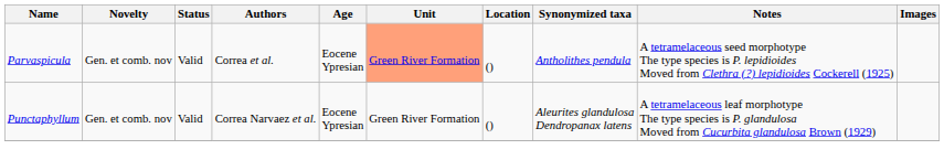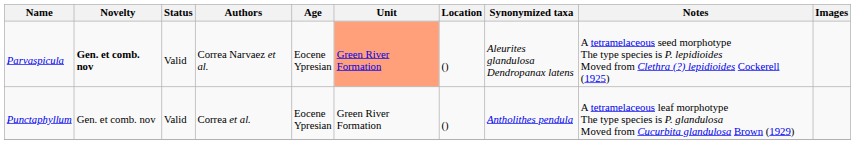 <table class="wikitable sortable" align="center" width="100%">
 <tr>
 <th>Name</th>
 <th>Novelty</th>
 <th>Status</th>
 <th>Authors</th>
 <th>Age</th>
 <th>Unit</th>
 <th>Location</th>
 <th>Synonymized taxa</th>
 <th>Notes</th>
 <th>Images</th>
 </tr>
 <tr>
 <td><br><em><a href='#'>Parvaspicula</a></em></td>
-<td><br>Gen. et comb. nov</td>
+<td><strong><br>Gen. et comb. nov</strong></td>
 <td><br>Valid</td>
-<td><br>Correa <em>et al.</em></td>
+<td><br>Correa Narvaez <em>et al.</em></td>
 <td><br>Eocene<br>Ypresian</td>
 <td style="background: lightsalmon;"><br><a href='#'>Green River Formation</a></td>
 <td><br><br>()</td>
-<td><br><em><a href='#'>Antholithes pendula</a></em> </td>
+<td><br><em>Aleurites glandulosa</em> <br> <em>Dendropanax latens</em> </td>
 <td><br>A <a href='#'>tetramelaceous</a> seed morphotype<br> The type species is <em>P. lepidioides</em><br> Moved from <em><a href='#'>Clethra (?) lepidioides</a></em> <a href='#'>Cockerell</a> (<a href='#'>1925</a>)</td>
 <td></td>
 </tr>
 <tr>
 <td><br><em><a href='#'>Punctaphyllum</a></em></td>
 <td><br>Gen. et comb. nov</td>
 <td><br>Valid</td>
-<td><br>Correa Narvaez <em>et al.</em></td>
+<td><br>Correa <em>et al.</em></td>
 <td><br>Eocene<br>Ypresian</td>
 <td><br>Green River Formation</td>
 <td><br><br>()</td>
-<td><br><em>Aleurites glandulosa</em> <br> <em>Dendropanax latens</em> </td>
+<td><br><em><a href='#'>Antholithes pendula</a></em> </td>
 <td><br>A <a href='#'>tetramelaceous</a> leaf morphotype<br> The type species is <em>P. glandulosa</em><br> Moved from <em><a href='#'>Cucurbita glandulosa</a></em> <a href='#'>Brown</a> (<a href='#'>1929</a>)</td>
 <td></td>
 </tr>
 <tr>
 </tr>
 </table>
